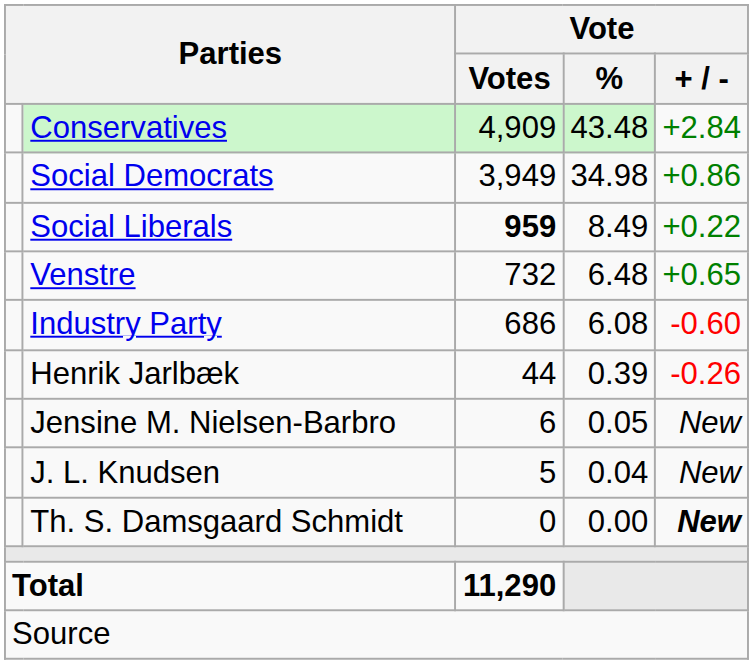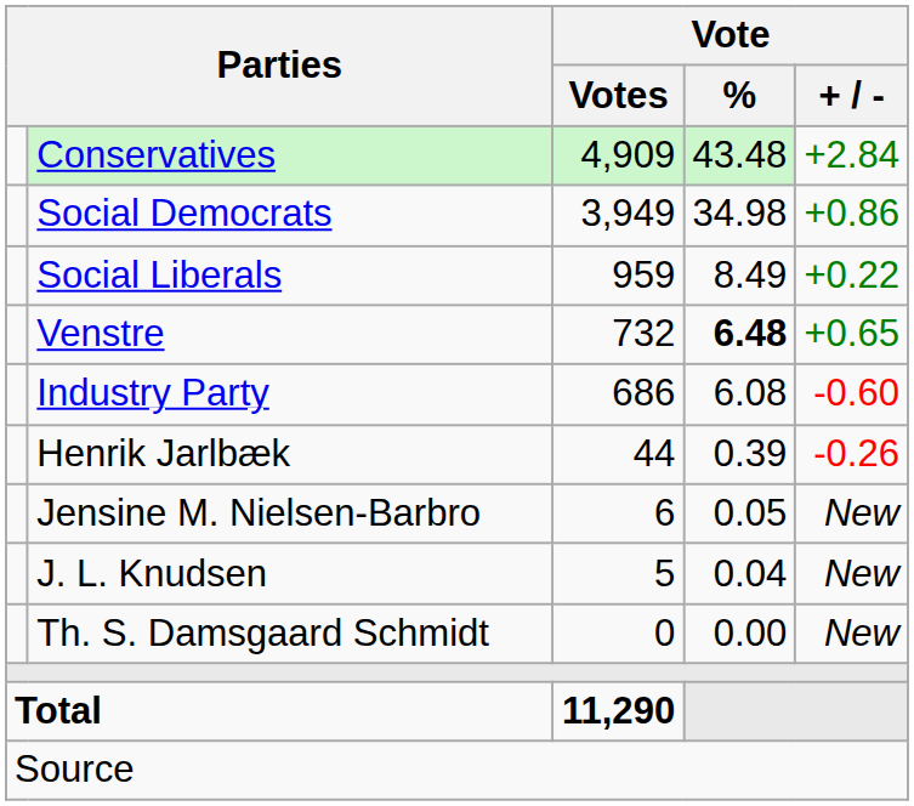 <table class="wikitable" style="text-align:right;">
 <tr>
 <th style="text-align:centre;" rowspan="2" colspan="2" width="225">Parties</th>
 <th colspan="3">Vote</th>
 </tr>
 <tr>
 <th width="15">Votes</th>
 <th width="15">%</th>
 <th width="15">+ / -</th>
 </tr>
 <tr>
 <td width="2" style="color:inherit;background:"></td>
 <td bgcolor=#ccf7cc  align="left"><a href='#'>Conservatives</a></td>
 <td bgcolor=#ccf7cc>4,909</td>
 <td bgcolor=#ccf7cc>43.48</td>
 <td style=color:green;>+2.84</td>
 </tr>
 <tr>
 <td width="2" style="color:inherit;background:"></td>
 <td align="left"><a href='#'>Social Democrats</a></td>
 <td>3,949</td>
 <td>34.98</td>
 <td style=color:green;>+0.86</td>
 </tr>
 <tr>
 <td width="2" style="color:inherit;background:"></td>
 <td align="left"><a href='#'>Social Liberals</a></td>
-<td><strong>959</strong></td>
+<td>959</td>
 <td>8.49</td>
 <td style=color:green;>+0.22</td>
 </tr>
 <tr>
 <td width="2" style="color:inherit;background:"></td>
 <td align="left"><a href='#'>Venstre</a></td>
 <td>732</td>
-<td>6.48</td>
+<td><strong>6.48</strong></td>
 <td style=color:green;>+0.65</td>
 </tr>
 <tr>
 <td width="2" style="color:inherit;background:"></td>
 <td align="left"><a href='#'>Industry Party</a></td>
 <td>686</td>
 <td>6.08</td>
 <td style=color:red;>-0.60</td>
 </tr>
 <tr>
 <td width="2" style="color:inherit;background:"></td>
 <td align="left">Henrik Jarlbæk</td>
 <td>44</td>
 <td>0.39</td>
 <td style=color:red;>-0.26</td>
 </tr>
 <tr>
 <td width="2" style="color:inherit;background:"></td>
 <td align="left">Jensine M. Nielsen-Barbro</td>
 <td>6</td>
 <td>0.05</td>
 <td><em>New</em></td>
 </tr>
 <tr>
 <td width="2" style="color:inherit;background:"></td>
 <td align="left">J. L. Knudsen</td>
 <td>5</td>
 <td>0.04</td>
 <td><em>New</em></td>
 </tr>
 <tr>
 <td width="2" style="color:inherit;background:"></td>
 <td align="left">Th. S. Damsgaard Schmidt</td>
 <td>0</td>
 <td>0.00</td>
-<td><strong><em>New</em></strong></td>
+<td><em>New</em></td>
 </tr>
 <tr>
 <td colspan="7" bgcolor="#E9E9E9"></td>
 </tr>
 <tr>
 <td align="left" colspan="2"><strong>Total</strong></td>
 <td><strong>11,290</strong></td>
 <td bgcolor="#E9E9E9" colspan="2"></td>
 </tr>
 <tr>
 <td align="left" colspan="6">Source</td>
 </tr>
 </table>
